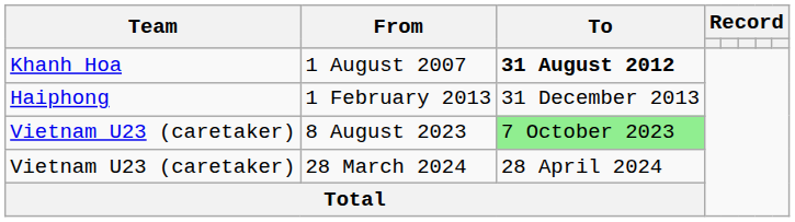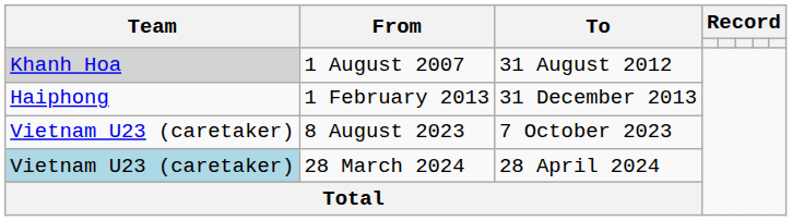 <table class="wikitable" style="text-align: center;">
 <tr>
 <th rowspan="2">Team</th>
 <th rowspan="2">From</th>
 <th rowspan="2">To</th>
 <th colspan="5">Record</th>
 </tr>
 <tr>
 <th></th>
 <th></th>
 <th></th>
 <th></th>
 <th></th>
 </tr>
 <tr>
-<td align="left"><a href='#'>Khanh Hoa</a></td>
+<td align="left" style="background: lightgrey;"><a href='#'>Khanh Hoa</a></td>
 <td align="left">1 August 2007</td>
-<td align="left"><strong>31 August 2012<br></strong></td>
+<td align="left">31 August 2012<br></td>
 </tr>
 <tr>
 <td align="left"><a href='#'>Haiphong</a></td>
 <td align="left">1 February 2013</td>
 <td align="left">31 December 2013<br></td>
 </tr>
 <tr>
 <td align="left"><a href='#'>Vietnam U23</a> (caretaker)</td>
 <td align="left">8 August 2023</td>
-<td align="left" style="background: lightgreen;">7 October 2023<br></td>
+<td align="left">7 October 2023<br></td>
 </tr>
 <tr>
-<td align="left">Vietnam U23 (caretaker)</td>
+<td align="left" style="background: lightblue;">Vietnam U23 (caretaker)</td>
 <td align="left">28 March 2024</td>
 <td align="left">28 April 2024<br></td>
 </tr>
 <tr>
 <th colspan="3">Total<br></th>
 </tr>
 </table>
